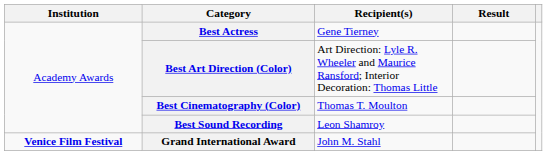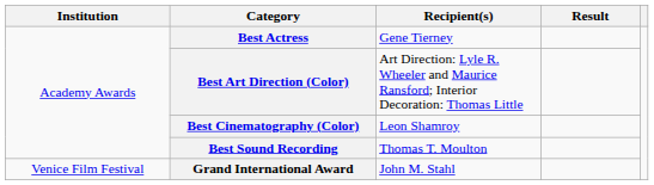 <table class="wikitable unsortable plainrowheaders" style="width:60%;">
 <tr>
 <th style="width:20%;">Institution</th>
 <th style="width:25%;">Category</th>
 <th style="width:20%;">Recipient(s)</th>
 <th style="width:12%;">Result</th>
 <th style="width:1%;"></th>
 </tr>
 <tr>
 <td style="text-align:center;" rowspan="4"><a href='#'>Academy Awards</a></td>
 <th scope="row"><a href='#'>Best Actress</a></th>
 <td><a href='#'>Gene Tierney</a></td>
 <td></td>
 <td style="text-align:center;" rowspan="5"></td>
 </tr>
 <tr>
 <th scope="row"><a href='#'>Best Art Direction (Color)</a></th>
 <td>Art Direction: <a href='#'>Lyle R. Wheeler</a> and <a href='#'>Maurice Ransford</a>; Interior Decoration: <a href='#'>Thomas Little</a></td>
 <td></td>
 </tr>
 <tr>
 <th scope="row"><a href='#'>Best Cinematography (Color)</a></th>
+<td><a href='#'>Leon Shamroy</a></td>
+<td></td>
+</tr>
+<tr>
+<th scope="row"><a href='#'>Best Sound Recording</a></th>
 <td><a href='#'>Thomas T. Moulton</a></td>
 <td></td>
 </tr>
 <tr>
-<th scope="row"><a href='#'>Best Sound Recording</a></th>
-<td><a href='#'>Leon Shamroy</a></td>
-<td></td>
-</tr>
-<tr>
-<td style="text-align:center;"><strong><a href='#'>Venice Film Festival</a></strong></td>
+<td style="text-align:center;"><a href='#'>Venice Film Festival</a></td>
 <th scope="row">Grand International Award</th>
 <td><a href='#'>John M. Stahl</a></td>
 <td></td>
 </tr>
 </table>
